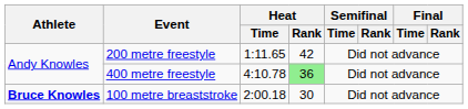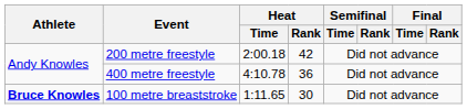 <table class=wikitable style="font-size:90%">
 <tr>
 <th rowspan="2">Athlete</th>
 <th rowspan="2">Event</th>
 <th colspan="2">Heat</th>
 <th colspan="2">Semifinal</th>
 <th colspan="2">Final</th>
 </tr>
 <tr style="font-size:95%">
 <th>Time</th>
 <th>Rank</th>
 <th>Time</th>
 <th>Rank</th>
 <th>Time</th>
 <th>Rank</th>
 </tr>
 <tr align=center>
 <td style="text-align:left;" rowspan="2"><a href='#'>Andy Knowles</a></td>
 <td align=left><a href='#'>200 metre freestyle</a></td>
-<td align=center>1:11.65</td>
+<td align=center>2:00.18</td>
 <td align=center>42</td>
 <td colspan="4" style="text-align:center;">Did not advance</td>
 </tr>
 <tr>
 <td align=left><a href='#'>400 metre freestyle</a></td>
 <td align=center>4:10.78</td>
-<td align=center style="background: lightgreen;">36</td>
+<td align=center>36</td>
 <td colspan="4" style="text-align:center;">Did not advance</td>
 </tr>
 <tr align=center>
 <td style="text-align:left;"><strong><a href='#'>Bruce Knowles</a></strong></td>
 <td align=left><a href='#'>100 metre breaststroke</a></td>
-<td align=center>2:00.18</td>
+<td align=center>1:11.65</td>
 <td align=center>30</td>
 <td colspan="4" style="text-align:center;">Did not advance</td>
 </tr>
 </table>
